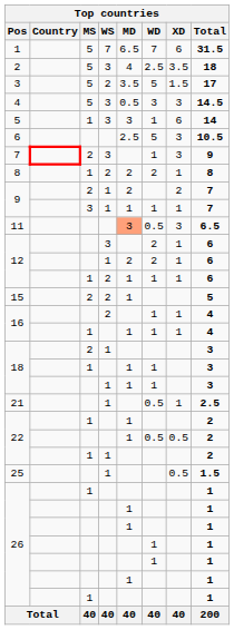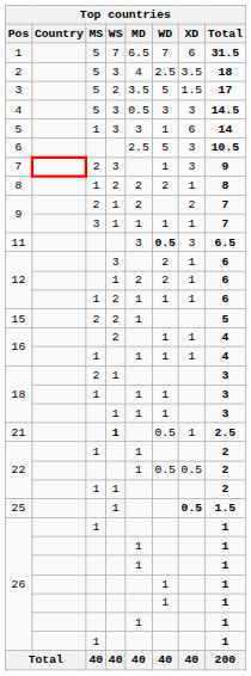 <table class="wikitable" style="text-align:center">
 <tr>
 <th colspan="10">Top countries</th>
 </tr>
 <tr>
 <th>Pos</th>
 <th>Country</th>
 <th>MS</th>
 <th>WS</th>
 <th>MD</th>
 <th>WD</th>
 <th>XD</th>
 <th>Total</th>
 </tr>
 <tr>
 <td>1</td>
 <td align="left"><strong><em></em></strong></td>
 <td>5</td>
 <td>7</td>
 <td>6.5</td>
 <td>7</td>
 <td>6</td>
 <td><strong>31.5</strong></td>
 </tr>
 <tr>
 <td>2</td>
 <td align="left"></td>
 <td>5</td>
 <td>3</td>
 <td>4</td>
 <td>2.5</td>
 <td>3.5</td>
 <td><strong>18</strong></td>
 </tr>
 <tr>
 <td>3</td>
 <td align="left"></td>
 <td>5</td>
 <td>2</td>
 <td>3.5</td>
 <td>5</td>
 <td>1.5</td>
 <td><strong>17</strong></td>
 </tr>
 <tr>
 <td>4</td>
 <td align="left"></td>
 <td>5</td>
 <td>3</td>
 <td>0.5</td>
 <td>3</td>
 <td>3</td>
 <td><strong>14.5</strong></td>
 </tr>
 <tr>
 <td>5</td>
 <td align="left"></td>
 <td>1</td>
 <td>3</td>
 <td>3</td>
 <td>1</td>
 <td>6</td>
 <td><strong>14</strong></td>
 </tr>
 <tr>
 <td>6</td>
 <td align="left"></td>
 <td></td>
 <td></td>
 <td>2.5</td>
 <td>5</td>
 <td>3</td>
 <td><strong>10.5</strong></td>
 </tr>
 <tr>
 <td>7</td>
 <td align="left" style="border: 3px solid red"><strong></strong></td>
 <td>2</td>
 <td>3</td>
 <td></td>
 <td>1</td>
 <td>3</td>
 <td><strong>9</strong></td>
 </tr>
 <tr>
 <td>8</td>
 <td align="left"></td>
 <td>1</td>
 <td>2</td>
 <td>2</td>
 <td>2</td>
 <td>1</td>
 <td><strong>8</strong></td>
 </tr>
 <tr>
 <td rowspan="2">9</td>
 <td align="left"></td>
 <td>2</td>
 <td>1</td>
 <td>2</td>
 <td></td>
 <td>2</td>
 <td><strong>7</strong></td>
 </tr>
 <tr>
 <td align="left"></td>
 <td>3</td>
 <td>1</td>
 <td>1</td>
 <td>1</td>
 <td>1</td>
 <td><strong>7</strong></td>
 </tr>
 <tr>
 <td>11</td>
 <td align="left"></td>
 <td></td>
 <td></td>
-<td style="background: lightsalmon;">3</td>
-<td>0.5</td>
+<td>3</td>
+<td><strong>0.5</strong></td>
 <td>3</td>
 <td><strong>6.5</strong></td>
 </tr>
 <tr>
 <td rowspan="3">12</td>
 <td align="left"></td>
 <td></td>
 <td>3</td>
 <td></td>
 <td>2</td>
 <td>1</td>
 <td><strong>6</strong></td>
 </tr>
 <tr>
 <td align="left"></td>
 <td></td>
 <td>1</td>
 <td>2</td>
 <td>2</td>
 <td>1</td>
 <td><strong>6</strong></td>
 </tr>
 <tr>
 <td align="left"></td>
 <td>1</td>
 <td>2</td>
 <td>1</td>
 <td>1</td>
 <td>1</td>
 <td><strong>6</strong></td>
 </tr>
 <tr>
 <td>15</td>
 <td align="left"></td>
 <td>2</td>
 <td>2</td>
 <td>1</td>
 <td></td>
 <td></td>
 <td><strong>5</strong></td>
 </tr>
 <tr>
 <td rowspan="2">16</td>
 <td align="left"></td>
 <td></td>
 <td>2</td>
 <td></td>
 <td>1</td>
 <td>1</td>
 <td><strong>4</strong></td>
 </tr>
 <tr>
 <td align="left"></td>
 <td>1</td>
 <td></td>
 <td>1</td>
 <td>1</td>
 <td>1</td>
 <td><strong>4</strong></td>
 </tr>
 <tr>
 <td rowspan="3">18</td>
 <td align="left"></td>
 <td>2</td>
 <td>1</td>
 <td></td>
 <td></td>
 <td></td>
 <td><strong>3</strong></td>
 </tr>
 <tr>
 <td align="left"></td>
 <td>1</td>
 <td></td>
 <td>1</td>
 <td>1</td>
 <td></td>
 <td><strong>3</strong></td>
 </tr>
 <tr>
 <td align="left"></td>
 <td></td>
 <td>1</td>
 <td>1</td>
 <td>1</td>
 <td></td>
 <td><strong>3</strong></td>
 </tr>
 <tr>
 <td>21</td>
 <td align="left"><em></em></td>
 <td></td>
-<td>1</td>
+<td><strong>1</strong></td>
 <td></td>
 <td>0.5</td>
 <td>1</td>
 <td><strong>2.5</strong></td>
 </tr>
 <tr>
 <td rowspan="3">22</td>
 <td align="left"></td>
 <td>1</td>
 <td></td>
 <td>1</td>
 <td></td>
 <td></td>
 <td><strong>2</strong></td>
 </tr>
 <tr>
 <td align="left"></td>
 <td></td>
 <td></td>
 <td>1</td>
 <td>0.5</td>
 <td>0.5</td>
 <td><strong>2</strong></td>
 </tr>
 <tr>
 <td align="left"></td>
 <td>1</td>
 <td>1</td>
 <td></td>
 <td></td>
 <td></td>
 <td><strong>2</strong></td>
 </tr>
 <tr>
 <td>25</td>
 <td align="left"></td>
 <td></td>
 <td>1</td>
 <td></td>
 <td></td>
-<td>0.5</td>
+<td><strong>0.5</strong></td>
 <td><strong>1.5</strong></td>
 </tr>
 <tr>
 <td rowspan=7>26</td>
 <td align="left"></td>
 <td>1</td>
 <td></td>
 <td></td>
 <td></td>
 <td></td>
 <td><strong>1</strong></td>
 </tr>
 <tr>
 <td align="left"></td>
 <td></td>
 <td></td>
 <td>1</td>
 <td></td>
 <td></td>
 <td><strong>1</strong></td>
 </tr>
 <tr>
 <td align="left"></td>
 <td></td>
 <td></td>
 <td>1</td>
 <td></td>
 <td></td>
 <td><strong>1</strong></td>
 </tr>
 <tr>
 <td align="left"></td>
 <td></td>
 <td></td>
 <td></td>
 <td>1</td>
 <td></td>
 <td><strong>1</strong></td>
 </tr>
 <tr>
 <td align="left"></td>
 <td></td>
 <td></td>
 <td></td>
 <td>1</td>
 <td></td>
 <td><strong>1</strong></td>
 </tr>
 <tr>
 <td align="left"></td>
 <td></td>
 <td></td>
 <td>1</td>
 <td></td>
 <td></td>
 <td><strong>1</strong></td>
 </tr>
 <tr>
 <td align="left"></td>
 <td>1</td>
 <td></td>
 <td></td>
 <td></td>
 <td></td>
 <td><strong>1</strong></td>
 </tr>
 <tr>
 <th colspan="2">Total</th>
 <th>40</th>
 <th>40</th>
 <th>40</th>
 <th>40</th>
 <th>40</th>
 <th>200</th>
 </tr>
 </table>
